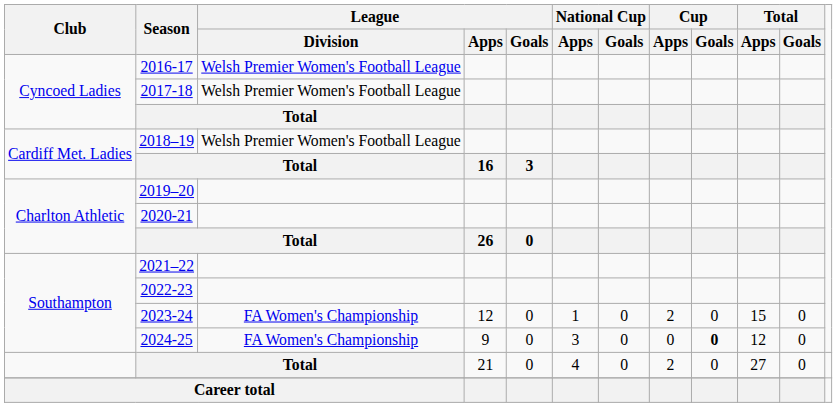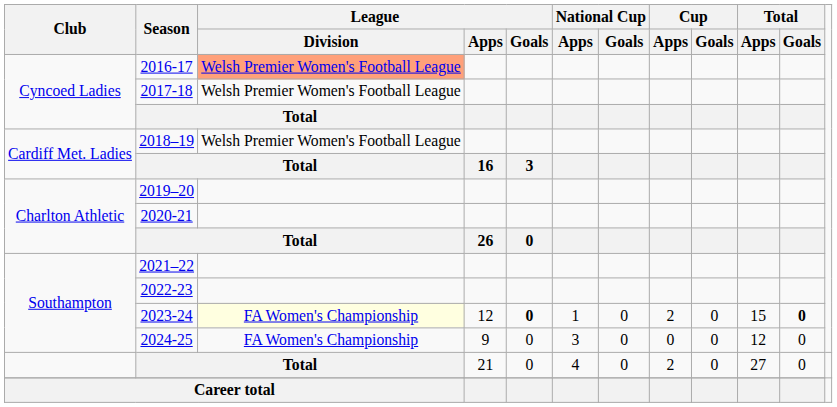 <table class="wikitable" style="text-align:center">
 <tr>
 <th rowspan="2">Club</th>
 <th rowspan="2">Season</th>
 <th colspan="3">League</th>
 <th colspan="2">National Cup</th>
 <th colspan="2">Cup</th>
 <th colspan="2">Total</th>
 </tr>
 <tr>
 <th>Division</th>
 <th>Apps</th>
 <th>Goals</th>
 <th>Apps</th>
 <th>Goals</th>
 <th>Apps</th>
 <th>Goals</th>
 <th>Apps</th>
 <th>Goals</th>
 </tr>
 <tr>
 <td rowspan="3"><a href='#'>Cyncoed Ladies</a></td>
 <td><a href='#'>2016-17</a></td>
-<td><a href='#'>Welsh Premier Women's Football League</a></td>
+<td style="background: lightsalmon;"><a href='#'>Welsh Premier Women's Football League</a></td>
 <td></td>
 <td></td>
 <td></td>
 <td></td>
 <td></td>
 <td></td>
 <td></td>
 <td></td>
 </tr>
 <tr>
 <td><a href='#'>2017-18</a></td>
 <td>Welsh Premier Women's Football League</td>
 <td></td>
 <td></td>
 <td></td>
 <td></td>
 <td></td>
 <td></td>
 <td></td>
 <td></td>
 </tr>
 <tr>
 <th colspan="2">Total</th>
 <th></th>
 <th></th>
 <th></th>
 <th></th>
 <th></th>
 <th></th>
 <th></th>
 <th></th>
 </tr>
 <tr>
 <td rowspan="2"><a href='#'>Cardiff Met. Ladies</a></td>
 <td><a href='#'>2018–19</a></td>
 <td>Welsh Premier Women's Football League</td>
 <td></td>
 <td></td>
 <td></td>
 <td></td>
 <td></td>
 <td></td>
 <td></td>
 <td></td>
 </tr>
 <tr>
 <th colspan="2">Total</th>
 <th>16</th>
 <th>3</th>
 <th></th>
 <th></th>
 <th></th>
 <th></th>
 <th></th>
 <th></th>
 </tr>
 <tr>
 <td rowspan="3"><a href='#'>Charlton Athletic</a></td>
 <td><a href='#'>2019–20</a></td>
 <td></td>
 <td></td>
 <td></td>
 <td></td>
 <td></td>
 <td></td>
 <td></td>
 <td></td>
 <td></td>
 </tr>
 <tr>
 <td><a href='#'>2020-21</a></td>
 <td></td>
 <td></td>
 <td></td>
 <td></td>
 <td></td>
 <td></td>
 <td></td>
 <td></td>
 <td></td>
 </tr>
 <tr>
 <th colspan="2">Total</th>
 <th>26</th>
 <th>0</th>
 <th></th>
 <th></th>
 <th></th>
 <th></th>
 <th></th>
 <th></th>
 </tr>
 <tr>
 <td rowspan="4"><a href='#'>Southampton</a></td>
 <td><a href='#'>2021–22</a></td>
 <td></td>
 <td></td>
 <td></td>
 <td></td>
 <td></td>
 <td></td>
 <td></td>
 <td></td>
 <td></td>
 </tr>
 <tr>
 <td><a href='#'>2022-23</a></td>
 <td></td>
 <td></td>
 <td></td>
 <td></td>
 <td></td>
 <td></td>
 <td></td>
 <td></td>
 <td></td>
 </tr>
 <tr>
 <td><a href='#'>2023-24</a></td>
-<td><a href='#'>FA Women's Championship</a></td>
+<td style="background: lightyellow;"><a href='#'>FA Women's Championship</a></td>
 <td>12</td>
-<td>0</td>
+<td><strong>0</strong></td>
 <td>1</td>
 <td>0</td>
 <td>2</td>
 <td>0</td>
 <td>15</td>
-<td>0</td>
+<td><strong>0</strong></td>
 </tr>
 <tr>
 <td><a href='#'>2024-25</a></td>
 <td><a href='#'>FA Women's Championship</a></td>
 <td>9</td>
 <td>0</td>
 <td>3</td>
 <td>0</td>
 <td>0</td>
-<td><strong>0</strong></td>
+<td>0</td>
 <td>12</td>
 <td>0</td>
 </tr>
 <tr>
 <td></td>
 <th colspan="2">Total</th>
 <td>21</td>
 <td>0</td>
 <td>4</td>
 <td>0</td>
 <td>2</td>
 <td>0</td>
 <td>27</td>
 <td>0</td>
 <td></td>
 </tr>
 <tr>
 </tr>
 <tr>
 <th colspan="3">Career total</th>
 <th></th>
 <th></th>
 <th></th>
 <th></th>
 <th></th>
 <th></th>
 <th></th>
 <th></th>
 </tr>
 </table>
